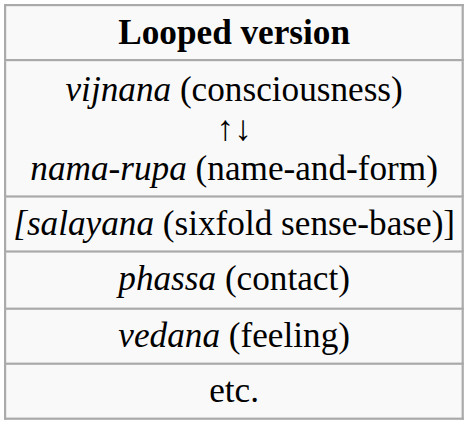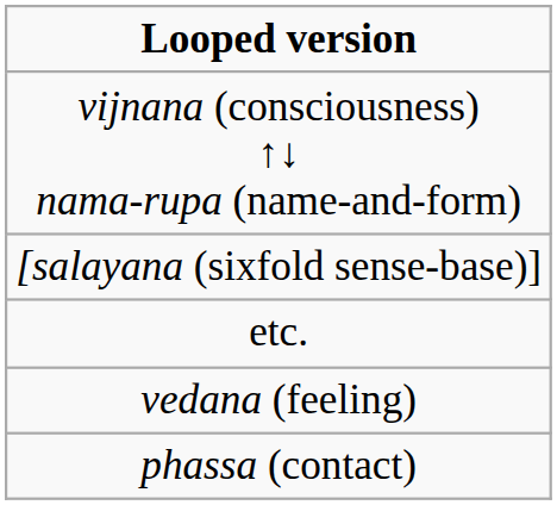 <table class="wikitable floatleft mw-collapsible autocollapse" border="1" cellpadding="3" cellspacing="0" style="font-size:100%">
 <tr>
 <td style="text-align:center;"><strong>Looped version</strong></td>
 </tr>
 <tr>
 <td style="text-align:center;"><em>vijnana</em> (consciousness)<br>↑↓<br><em>nama-rupa</em> (name-and-form)</td>
 </tr>
 <tr>
 <td style="text-align:center;"><em>[salayana</em> (sixfold sense-base)]</td>
 </tr>
 <tr>
-<td style="text-align:center;"><em>phassa</em> (contact)</td>
+<td style="text-align:center;">etc.</td>
 </tr>
 <tr>
 <td style="text-align:center;"><em>vedana</em> (feeling)</td>
 </tr>
 <tr>
-<td style="text-align:center;">etc.</td>
+<td style="text-align:center;"><em>phassa</em> (contact)</td>
 </tr>
 </table>
